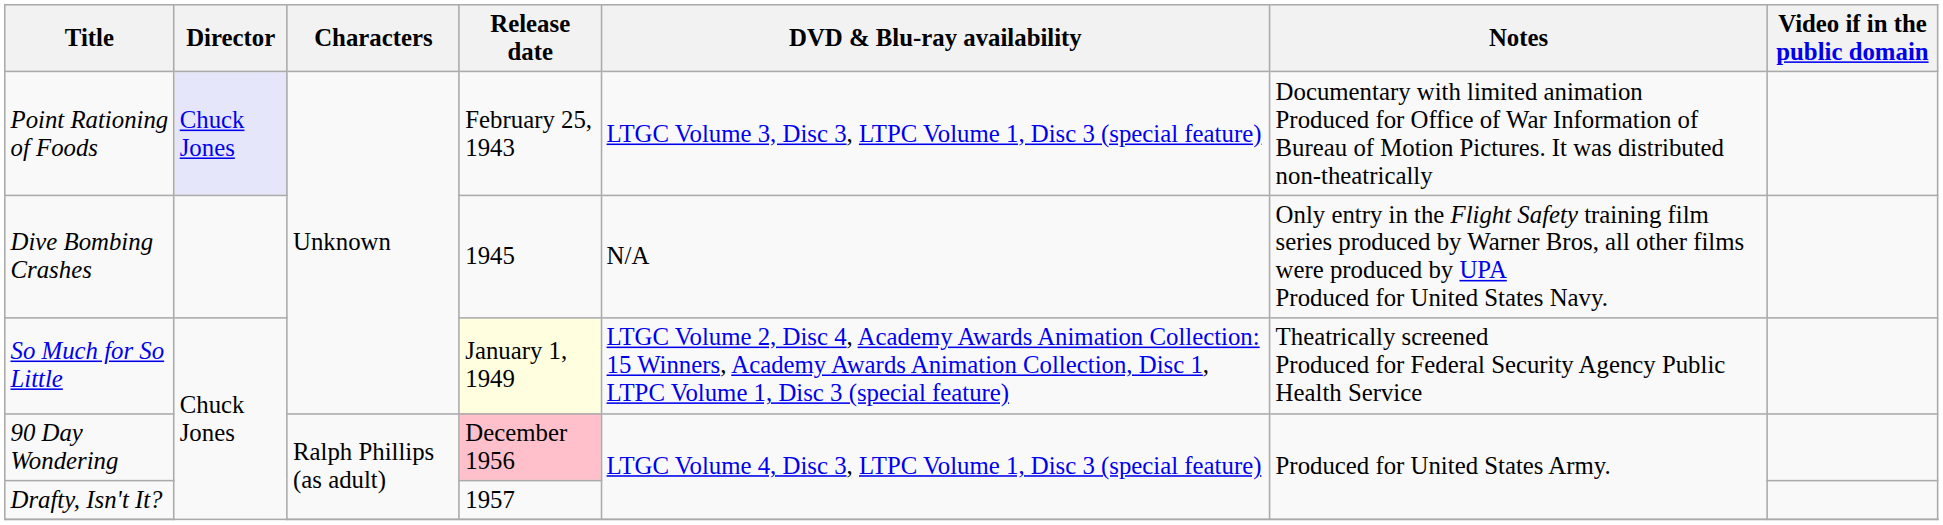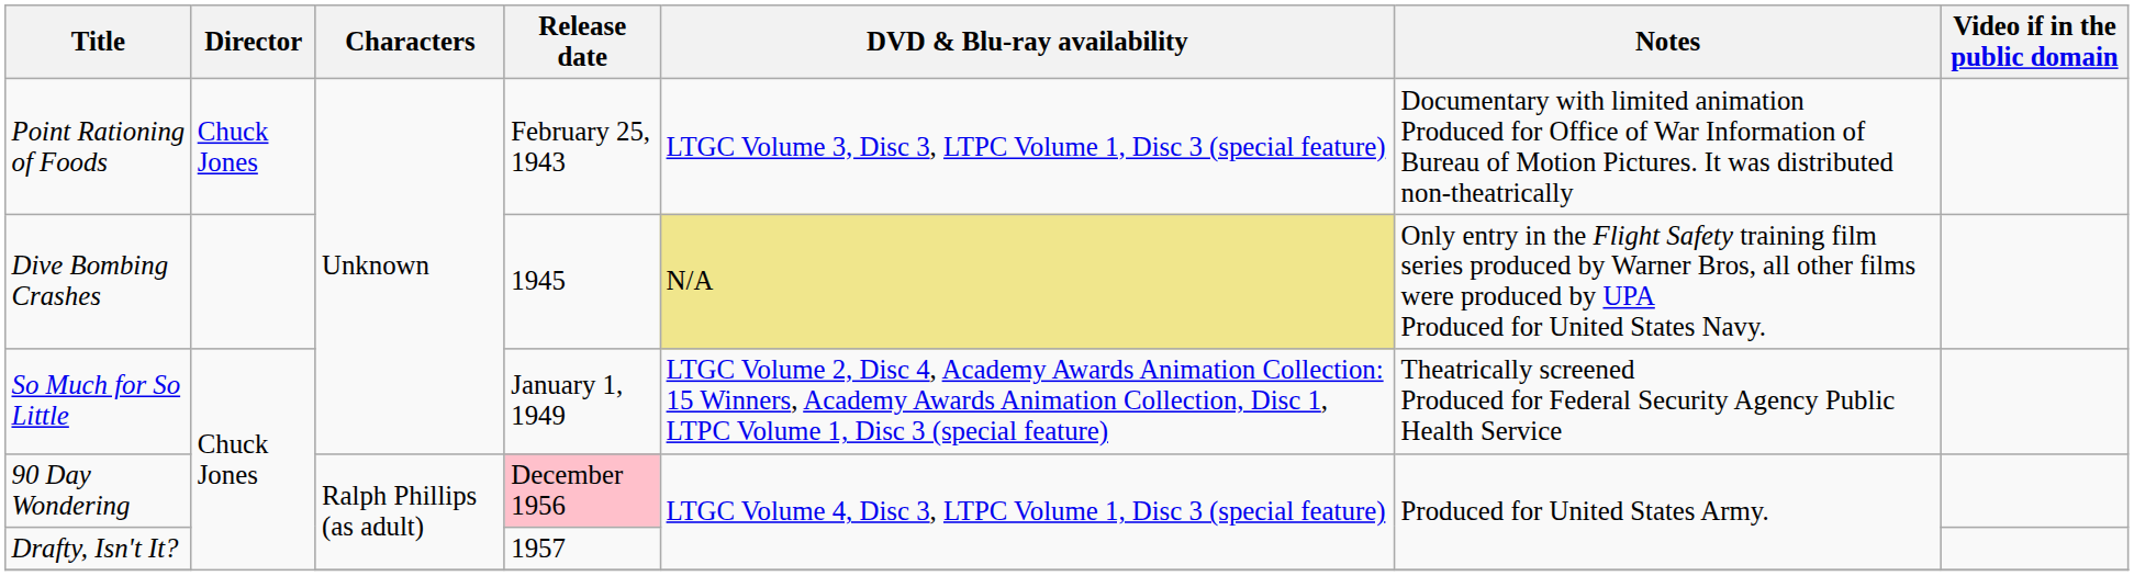 <table class="wikitable sortable">
 <tr>
 <th>Title</th>
 <th>Director</th>
 <th>Characters</th>
 <th>Release date</th>
 <th>DVD & Blu-ray availability</th>
 <th>Notes</th>
 <th>Video if in the <a href='#'>public domain</a></th>
 </tr>
 <tr>
 <td><em>Point Rationing of Foods</em></td>
-<td style="background: lavender;"><a href='#'>Chuck Jones</a></td>
+<td><a href='#'>Chuck Jones</a></td>
 <td rowspan="3">Unknown</td>
 <td>February 25, 1943</td>
 <td><a href='#'>LTGC Volume 3, Disc 3</a>, <a href='#'>LTPC Volume 1, Disc 3 (special feature)</a></td>
 <td>Documentary with limited animation <br>Produced for Office of War Information of Bureau of Motion Pictures. It was distributed non-theatrically</td>
 <td></td>
 </tr>
 <tr>
 <td><em>Dive Bombing Crashes</em></td>
 <td></td>
 <td>1945</td>
-<td>N/A</td>
+<td style="background: khaki;">N/A</td>
 <td>Only entry in the <em>Flight Safety</em> training film series produced by Warner Bros, all other films were produced by <a href='#'>UPA</a><br>Produced for United States Navy.</td>
 </tr>
 <tr>
 <td><em><a href='#'>So Much for So Little</a></em></td>
 <td rowspan="5">Chuck Jones</td>
-<td style="background: lightyellow;">January 1, 1949</td>
+<td>January 1, 1949</td>
 <td><a href='#'>LTGC Volume 2, Disc 4</a>, <a href='#'>Academy Awards Animation Collection: 15 Winners</a>, <a href='#'>Academy Awards Animation Collection, Disc 1</a>, <a href='#'>LTPC Volume 1, Disc 3 (special feature)</a></td>
 <td>Theatrically screened<br>Produced for Federal Security Agency Public Health Service</td>
 <td></td>
 </tr>
 <tr>
 <td><em>90 Day Wondering</em></td>
 <td rowspan="2">Ralph Phillips (as adult)</td>
 <td style="background: pink;">December 1956</td>
 <td rowspan="2"><a href='#'>LTGC Volume 4, Disc 3</a>, <a href='#'>LTPC Volume 1, Disc 3 (special feature)</a></td>
 <td rowspan="2">Produced for United States Army.</td>
 <td></td>
 </tr>
 <tr>
 <td><em>Drafty, Isn't It?</em></td>
 <td>1957</td>
 <td></td>
 </tr>
 <tr>
 </tr>
 </table>
